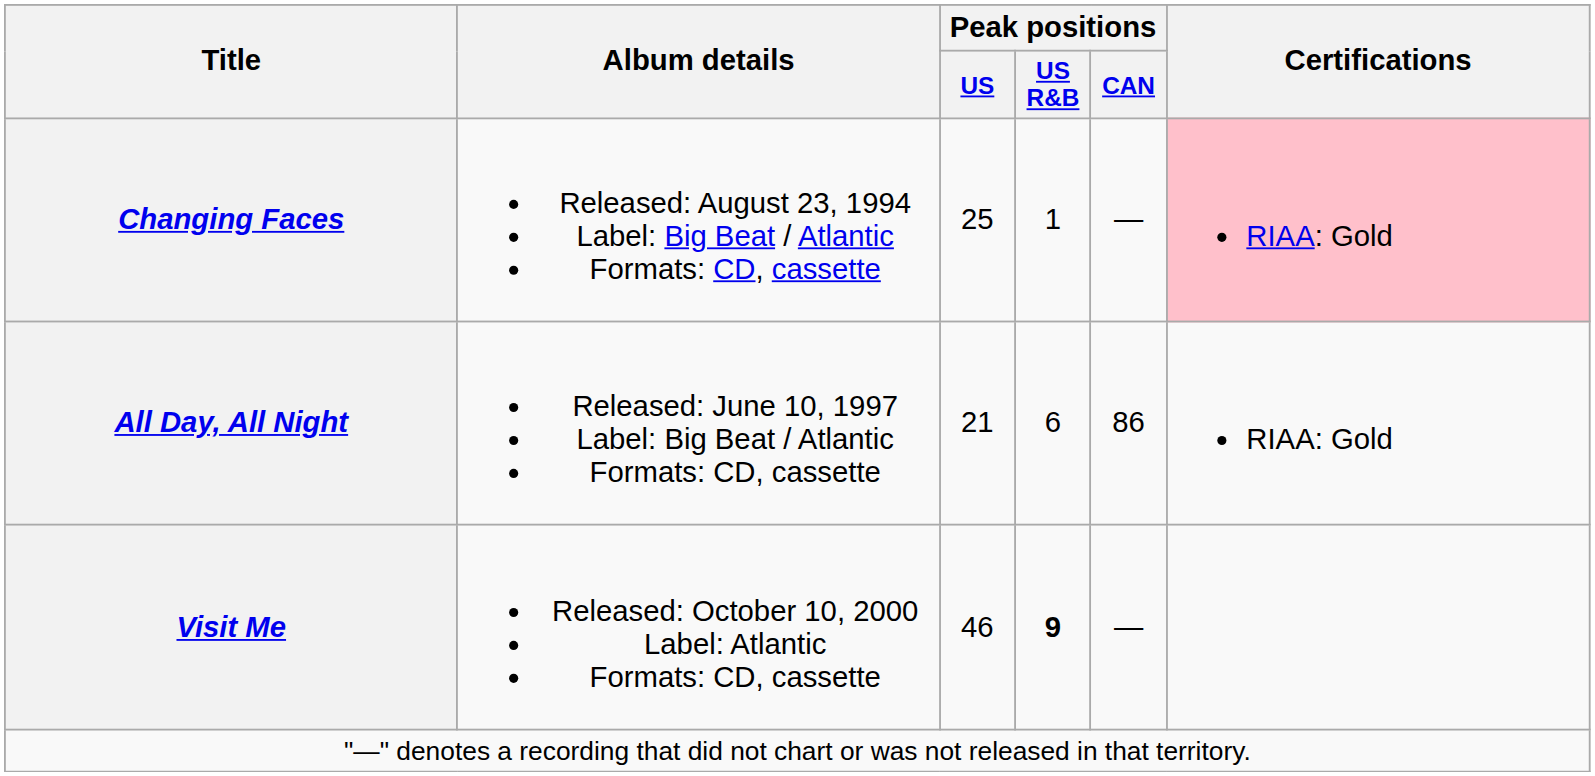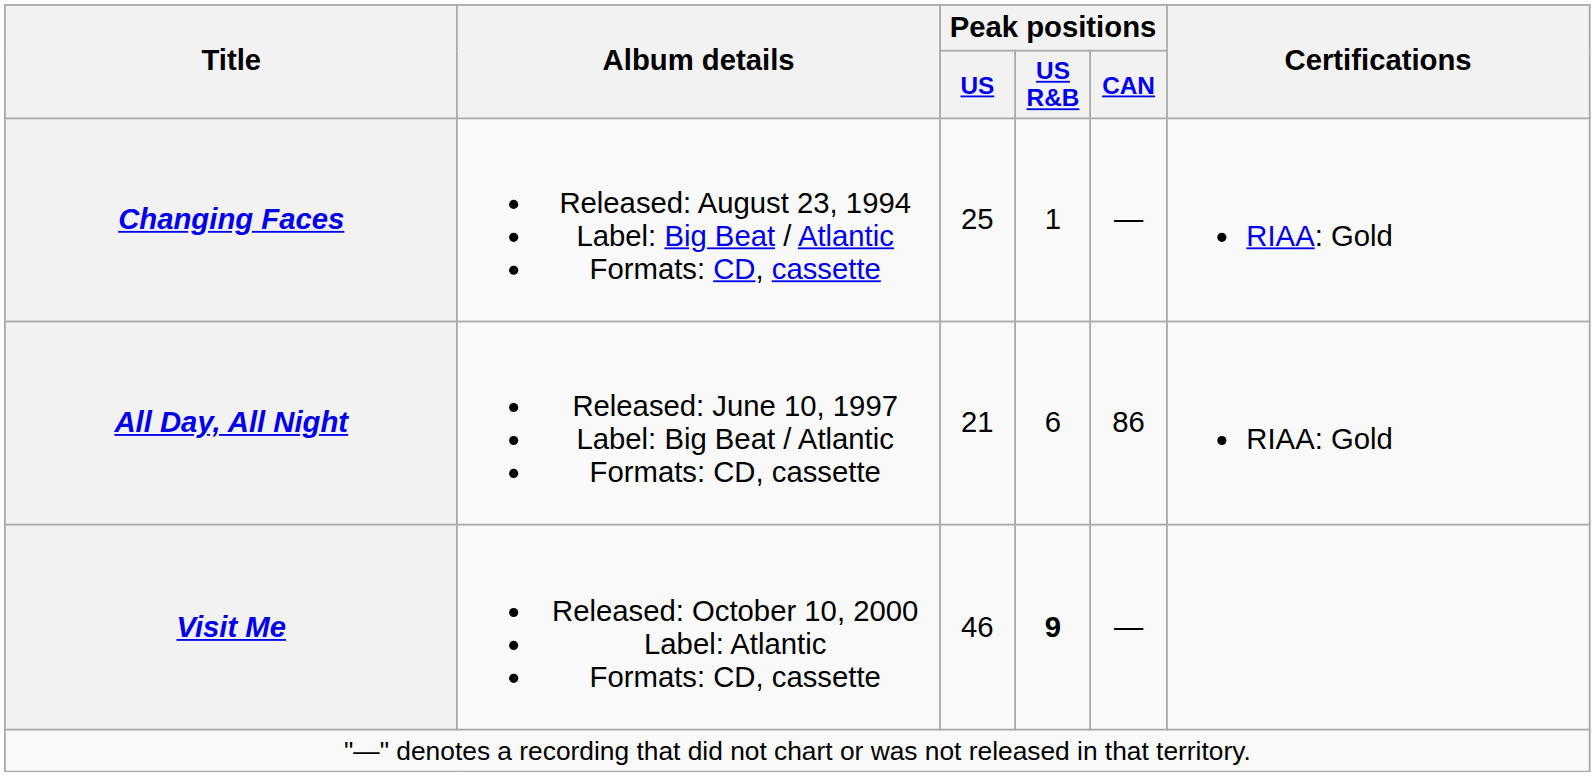 <table class="wikitable plainrowheaders" style="text-align:center;" border="1">
 <tr>
 <th scope="col" rowspan="2" style="width:15em;">Title</th>
 <th scope="col" rowspan="2" style="width:16em;">Album details</th>
 <th scope="col" colspan="3">Peak positions</th>
 <th scope="col" rowspan="2" style="width:14em;">Certifications</th>
 </tr>
 <tr style="font-size:smaller;">
 <th style="width:35px;"><a href='#'>US</a><br></th>
 <th style="width:35px;"><a href='#'>US<br>R&B</a><br></th>
 <th style="width:35px;"><a href='#'>CAN</a><br></th>
 </tr>
 <tr>
 <th scope="row"><em><a href='#'>Changing Faces</a></em></th>
 <td><br><ul><li>Released: August 23, 1994</li><li>Label: <a href='#'>Big Beat</a> / <a href='#'>Atlantic</a></li><li>Formats: <a href='#'>CD</a>, <a href='#'>cassette</a></li></ul></td>
 <td>25</td>
 <td>1</td>
 <td>—</td>
-<td align=left style="background: pink;"><br><ul><li><a href='#'>RIAA</a>: Gold</li></ul></td>
+<td align=left><br><ul><li><a href='#'>RIAA</a>: Gold</li></ul></td>
 </tr>
 <tr>
 <th scope="row"><em><a href='#'>All Day, All Night</a></em></th>
 <td><br><ul><li>Released: June 10, 1997</li><li>Label: Big Beat / Atlantic</li><li>Formats: CD, cassette</li></ul></td>
 <td>21</td>
 <td>6</td>
 <td>86</td>
 <td align=left><br><ul><li>RIAA: Gold</li></ul></td>
 </tr>
 <tr>
 <th scope="row"><em><a href='#'>Visit Me</a></em></th>
 <td><br><ul><li>Released: October 10, 2000</li><li>Label: Atlantic</li><li>Formats: CD, cassette</li></ul></td>
 <td>46</td>
 <td><strong>9</strong></td>
 <td>—</td>
 <td align=left></td>
 </tr>
 <tr>
 <td colspan="15" style="font-size:90%">"—" denotes a recording that did not chart or was not released in that territory.</td>
 </tr>
 </table>
